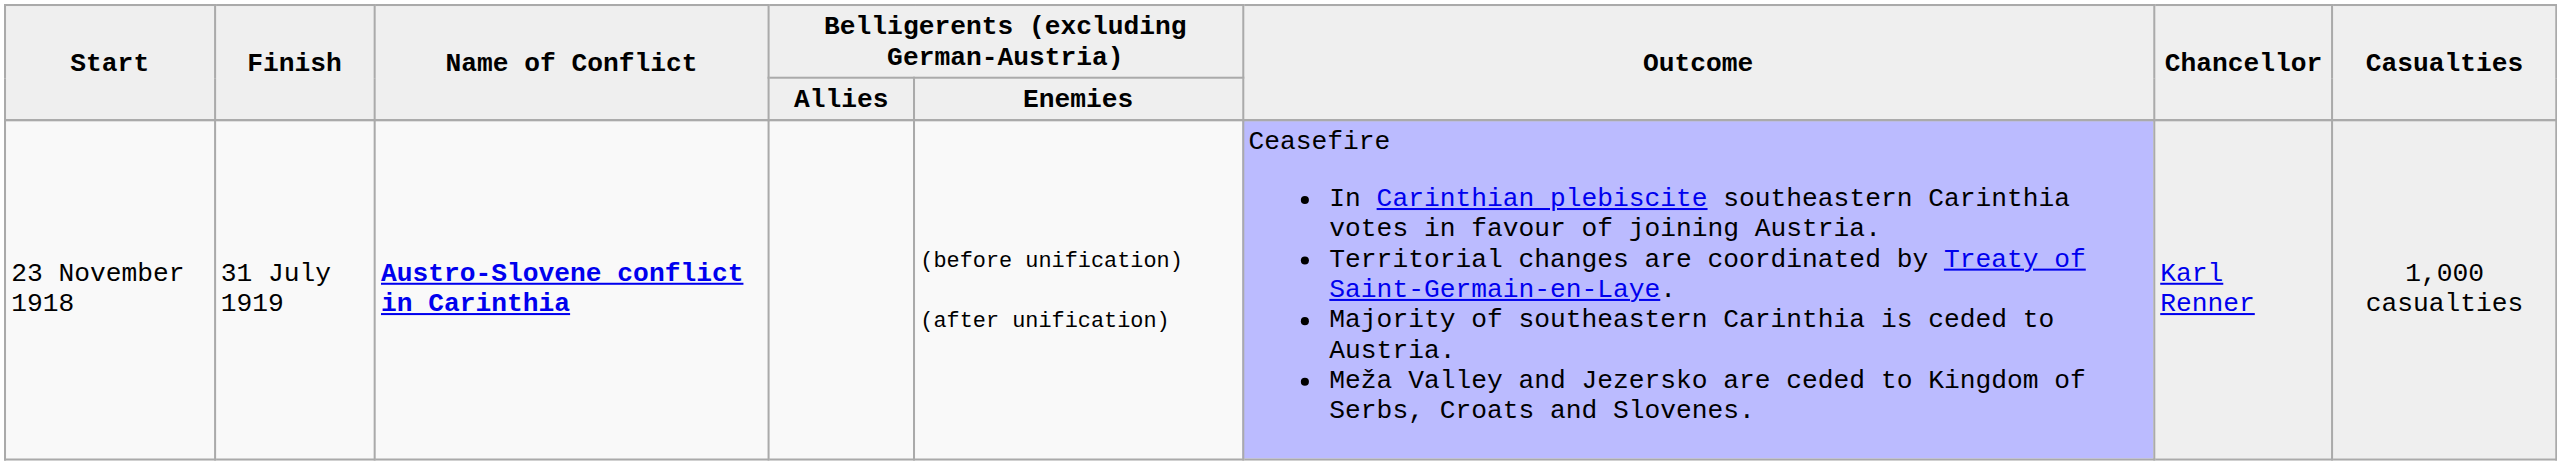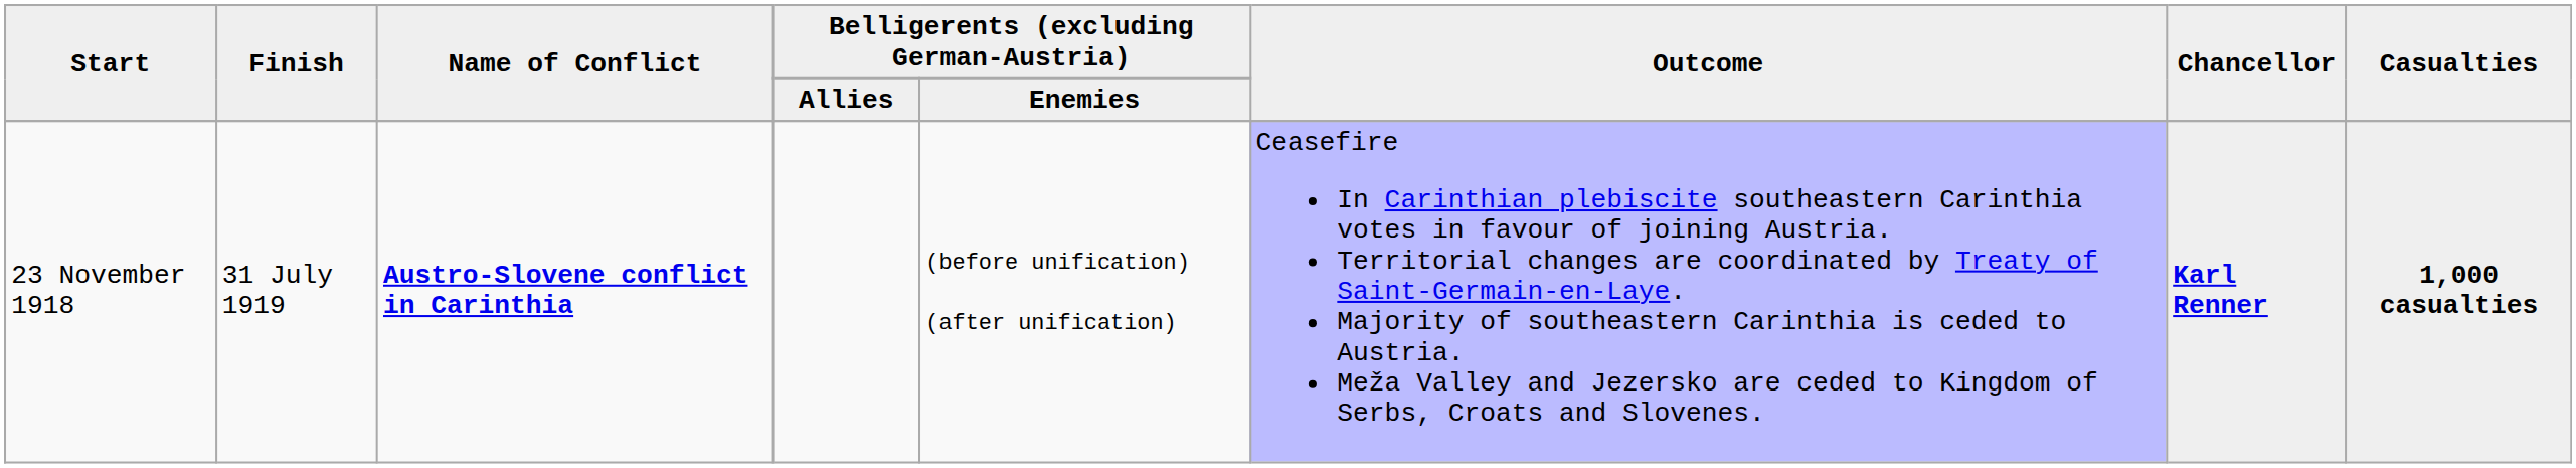 <table class="wikitable sortable" width="100%">
 <tr>
 <th rowspan="2" style="background:#efefef;">Start</th>
 <th rowspan="2" style="background:#efefef;">Finish</th>
 <th rowspan="2" style="background:#efefef;">Name of Conflict</th>
 <th colspan="2" style="background:#efefef;">Belligerents (excluding German-Austria)</th>
 <th rowspan="2" style="background:#efefef;">Outcome</th>
 <th rowspan="2" style="background:#efefef;">Chancellor</th>
 <th rowspan="2" style="background:#efefef;">Casualties</th>
 </tr>
 <tr>
 <th style="background:#efefef;">Allies</th>
 <th style="background:#efefef;">Enemies</th>
 </tr>
 <tr>
 </tr>
 <tr>
 </tr>
 <tr>
 <td>23 November 1918</td>
 <td>31 July 1919</td>
 <td><strong><a href='#'>Austro-Slovene conflict in Carinthia</a></strong></td>
 <td></td>
 <td> <small>(before unification)</small><br><br> <small>(after unification)</small></td>
 <td style="background:#BBF">Ceasefire<br><ul><li>In <a href='#'>Carinthian plebiscite</a> southeastern Carinthia votes in favour of joining Austria.</li><li>Territorial changes are coordinated by <a href='#'>Treaty of Saint-Germain-en-Laye</a>.</li><li>Majority of southeastern Carinthia is ceded to Austria.</li><li>Meža Valley and Jezersko are ceded to Kingdom of Serbs, Croats and Slovenes.</li></ul></td>
-<td style="background:#efefef"><a href='#'>Karl Renner</a></td>
-<td style="background:#efefef; text-align:center">1,000 casualties</td>
+<td style="background:#efefef"><strong><a href='#'>Karl Renner</a></strong></td>
+<td style="background:#efefef; text-align:center"><strong>1,000 casualties</strong></td>
 </tr>
 </table>
